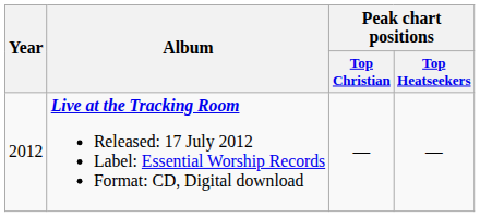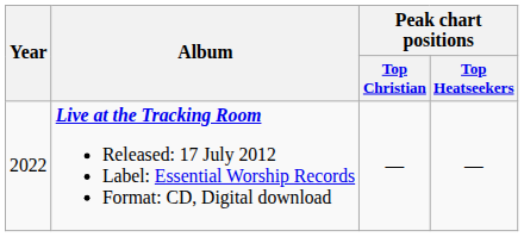 <table class="wikitable" style="text-align:center;">
 <tr>
 <th rowspan="2">Year</th>
 <th rowspan="2">Album</th>
 <th colspan="3">Peak chart positions</th>
 </tr>
 <tr style="font-size:smaller;">
 <th width="40"><a href='#'>Top<br>Christian</a></th>
 <th width="40"><a href='#'>Top<br>Heatseekers</a></th>
 </tr>
 <tr>
-<td>2012</td>
+<td>2022</td>
 <td align="left"><strong><em><a href='#'>Live at the Tracking Room</a></em></strong><br><ul><li>Released: 17 July 2012</li><li>Label: <a href='#'>Essential Worship Records</a></li><li>Format: CD, Digital download</li></ul></td>
 <td>—</td>
 <td>—</td>
 </tr>
 </table>
